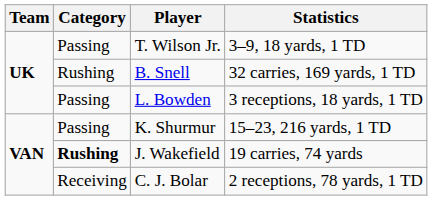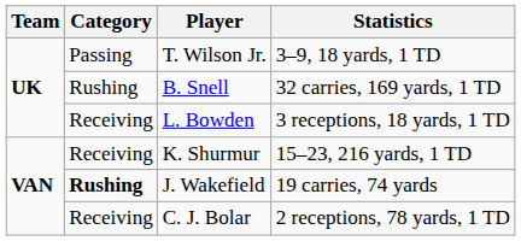 <table class="wikitable" style="float: right;">
 <tr>
 <th>Team</th>
 <th>Category</th>
 <th>Player</th>
 <th>Statistics</th>
 </tr>
 <tr>
 <td rowspan=3><strong>UK</strong></td>
 <td>Passing</td>
 <td>T. Wilson Jr.</td>
 <td>3–9, 18 yards, 1 TD</td>
 </tr>
 <tr>
 <td>Rushing</td>
 <td><a href='#'>B. Snell</a></td>
 <td>32 carries, 169 yards, 1 TD</td>
 </tr>
 <tr>
-<td>Passing</td>
+<td>Receiving</td>
 <td><a href='#'>L. Bowden</a></td>
 <td>3 receptions, 18 yards, 1 TD</td>
 </tr>
 <tr>
 <td rowspan=3><strong>VAN</strong></td>
-<td>Passing</td>
+<td>Receiving</td>
 <td>K. Shurmur</td>
 <td>15–23, 216 yards, 1 TD</td>
 </tr>
 <tr>
 <td><strong>Rushing</strong></td>
 <td>J. Wakefield</td>
 <td>19 carries, 74 yards</td>
 </tr>
 <tr>
 <td>Receiving</td>
 <td>C. J. Bolar</td>
 <td>2 receptions, 78 yards, 1 TD</td>
 </tr>
 </table>
